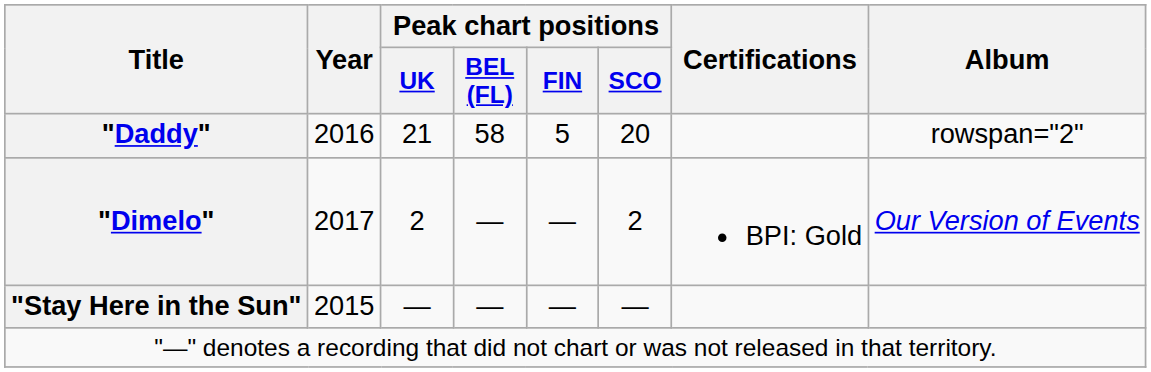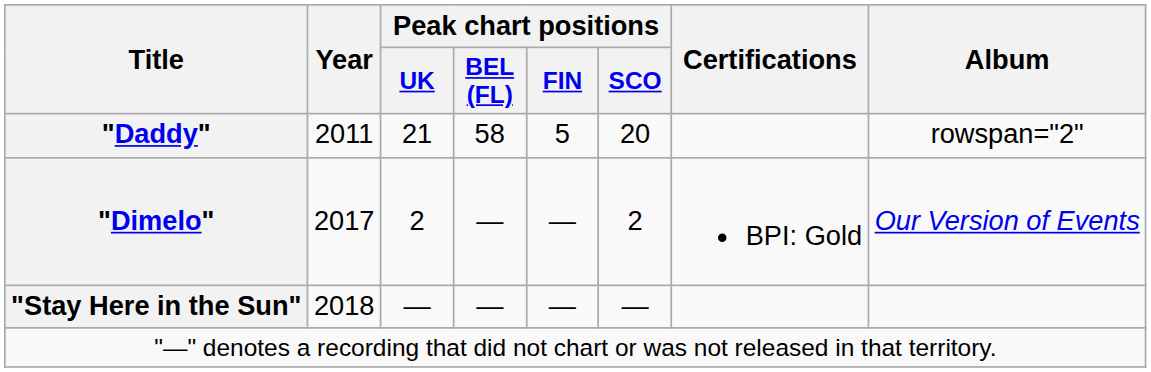 <table class="wikitable plainrowheaders" style="text-align:center;">
 <tr>
 <th scope="col" rowspan="2">Title</th>
 <th scope="col" rowspan="2">Year</th>
 <th scope="col" colspan="4">Peak chart positions</th>
 <th scope="col" rowspan="2">Certifications</th>
 <th scope="col" rowspan="2">Album</th>
 </tr>
 <tr>
 <th scope="col" style="width:2.5em;font-size:90%;"><a href='#'>UK</a><br></th>
 <th scope="col" style="width:2.5em;font-size:90%;"><a href='#'>BEL<br>(FL)</a><br></th>
 <th scope="col" style="width:2.5em;font-size:90%;"><a href='#'>FIN</a><br></th>
 <th scope="col" style="width:2.5em;font-size:90%;"><a href='#'>SCO</a><br></th>
 </tr>
 <tr>
 <th scope="row">"<a href='#'>Daddy</a>"<br></th>
-<td>2016</td>
+<td>2011</td>
 <td>21</td>
 <td>58</td>
 <td>5</td>
 <td>20</td>
 <td></td>
 <td>rowspan="2" </td>
 </tr>
 <tr>
 <th scope="row">"<a href='#'>Dimelo</a>"<br></th>
 <td>2017</td>
 <td>2</td>
 <td>—</td>
 <td>—</td>
 <td>2</td>
 <td><br><ul><li>BPI: Gold</li></ul></td>
 <td><em><a href='#'>Our Version of Events</a></em></td>
 </tr>
 <tr>
 <th scope="row">"Stay Here in the Sun"<br></th>
-<td>2015</td>
+<td>2018</td>
 <td>—</td>
 <td>—</td>
 <td>—</td>
 <td>—</td>
 <td></td>
 </tr>
 <tr>
 <td colspan="15" style="font-size:90%;">"—" denotes a recording that did not chart or was not released in that territory.</td>
 </tr>
 </table>
